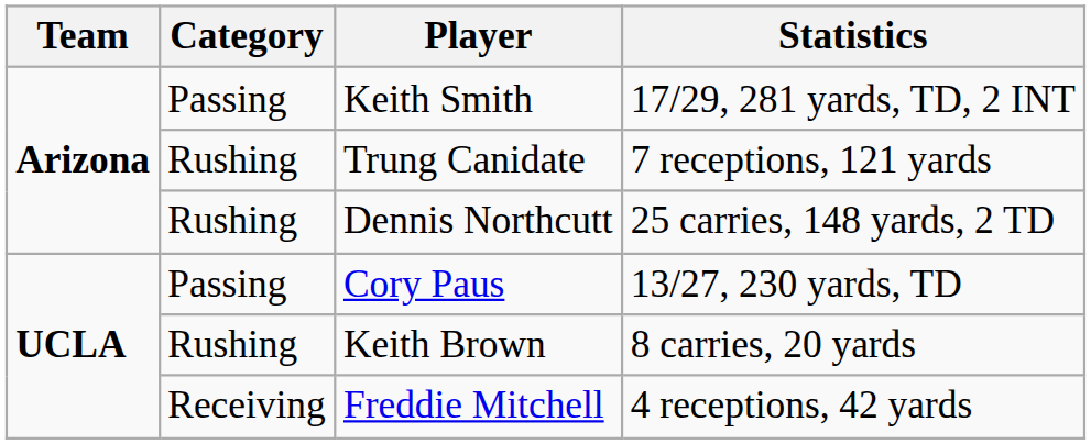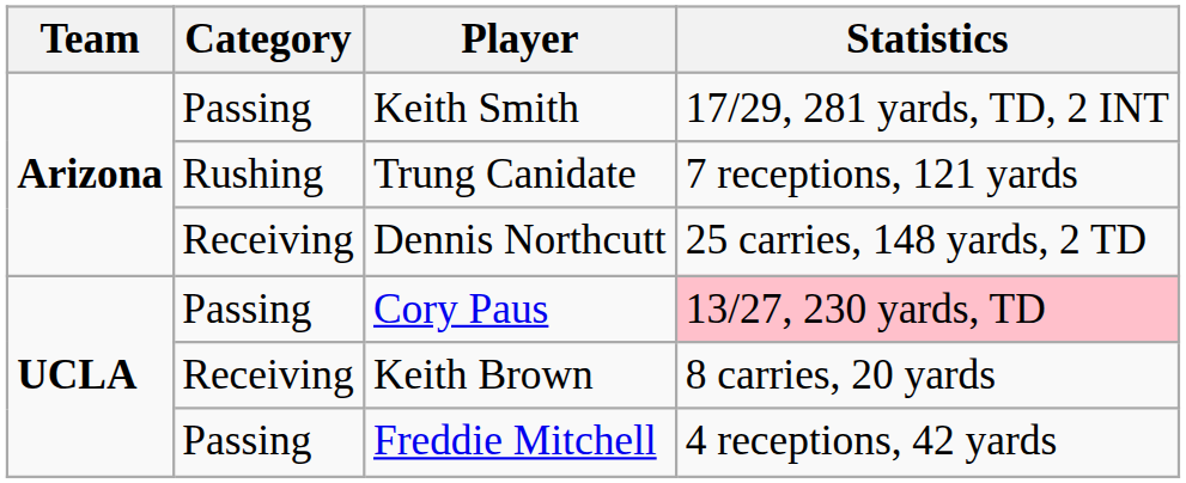 <table class="wikitable" style="float: right;">
 <tr>
 <th>Team</th>
 <th>Category</th>
 <th>Player</th>
 <th>Statistics</th>
 </tr>
 <tr>
 <td rowspan=3><strong>Arizona</strong></td>
 <td>Passing</td>
 <td>Keith Smith</td>
 <td>17/29, 281 yards, TD, 2 INT</td>
 </tr>
 <tr>
 <td>Rushing</td>
 <td>Trung Canidate</td>
 <td>7 receptions, 121 yards</td>
 </tr>
 <tr>
-<td>Rushing</td>
+<td>Receiving</td>
 <td>Dennis Northcutt</td>
 <td>25 carries, 148 yards, 2 TD</td>
 </tr>
 <tr>
 <td rowspan=3><strong>UCLA</strong></td>
 <td>Passing</td>
 <td><a href='#'>Cory Paus</a></td>
-<td>13/27, 230 yards, TD</td>
+<td style="background: pink;">13/27, 230 yards, TD</td>
 </tr>
 <tr>
-<td>Rushing</td>
+<td>Receiving</td>
 <td>Keith Brown</td>
 <td>8 carries, 20 yards</td>
 </tr>
 <tr>
-<td>Receiving</td>
+<td>Passing</td>
 <td><a href='#'>Freddie Mitchell</a></td>
 <td>4 receptions, 42 yards</td>
 </tr>
 </table>
